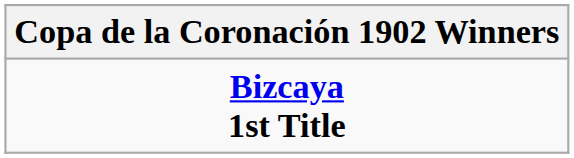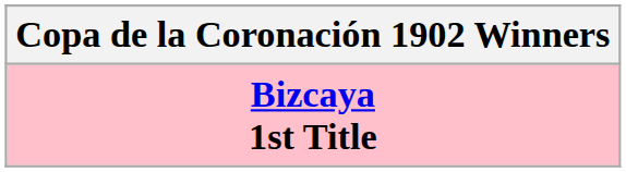 <table class="wikitable" style="text-align: center; margin: 0 auto;">
 <tr>
 <th>Copa de la Coronación 1902 Winners</th>
 </tr>
 <tr>
-<td><strong><a href='#'>Bizcaya</a></strong><br><strong>1st Title</strong></td>
+<td style="background: pink;"><strong><a href='#'>Bizcaya</a></strong><br><strong>1st Title</strong></td>
 </tr>
 </table>
